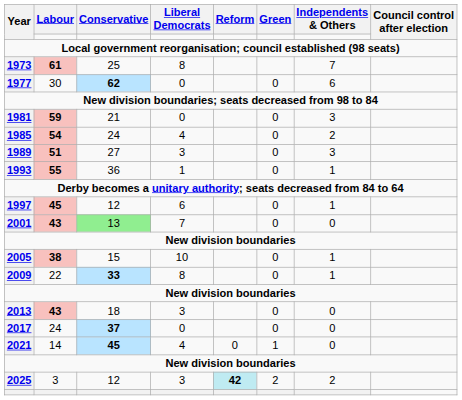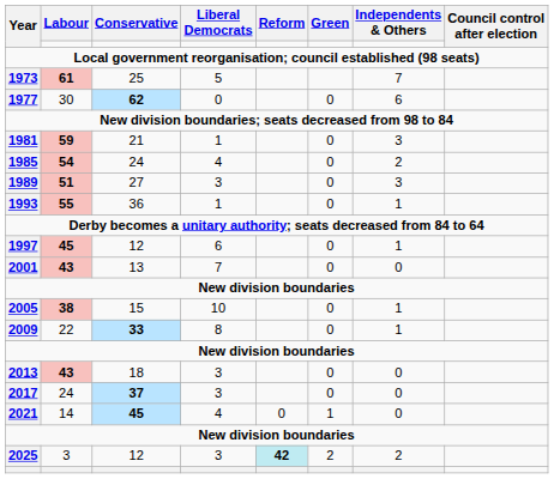 <table class="wikitable plainrowheaders" style="text-align:center">
 <tr>
 <th scope="col" rowspan="2">Year</th>
 <th scope="col"><a href='#'>Labour</a></th>
 <th scope="col"><a href='#'>Conservative</a></th>
 <th scope="col" style="width:1px"><a href='#'>Liberal Democrats</a></th>
 <th scope="col"><a href='#'>Reform</a></th>
 <th scope="col"><a href='#'>Green</a></th>
 <th scope="col"><a href='#'>Independents</a><br>& Others</th>
 <th scope="col" rowspan="2" colspan="2">Council control<br>after election</th>
 </tr>
 <tr>
 <td style="background:"></td>
 <td style="background:"></td>
 <td style="background:"></td>
 <td style="background:"></td>
 <td style="background:"></td>
 <td style="background:"></td>
 </tr>
 <tr>
 <td colspan="9"><strong>Local government reorganisation; council established (98 seats)</strong></td>
 </tr>
 <tr>
 <th scope="row"><a href='#'>1973</a></th>
 <td style="background:#F8C1BE;"><strong>61</strong></td>
 <td>25</td>
-<td>8</td>
+<td>5</td>
 <td></td>
 <td></td>
 <td>7</td>
 <td></td>
 </tr>
 <tr>
 <th scope="row"><a href='#'>1977</a></th>
 <td>30</td>
 <td style="background:#B9E4FF;"><strong>62</strong></td>
 <td>0</td>
 <td></td>
 <td>0</td>
 <td>6</td>
 <td></td>
 </tr>
 <tr>
 <td colspan="9"><strong>New division boundaries; seats decreased from 98 to 84</strong></td>
 </tr>
 <tr>
 <th scope="row"><a href='#'>1981</a></th>
 <td style="background:#F8C1BE;"><strong>59</strong></td>
 <td>21</td>
-<td>0</td>
+<td>1</td>
 <td></td>
 <td>0</td>
 <td>3</td>
 <td></td>
 </tr>
 <tr>
 <th scope="row"><a href='#'>1985</a></th>
 <td style="background:#F8C1BE;"><strong>54</strong></td>
 <td>24</td>
 <td>4</td>
 <td></td>
 <td>0</td>
 <td>2</td>
 <td></td>
 </tr>
 <tr>
 <th scope="row"><a href='#'>1989</a></th>
 <td style="background:#F8C1BE;"><strong>51</strong></td>
 <td>27</td>
 <td>3</td>
 <td></td>
 <td>0</td>
 <td>3</td>
 <td></td>
 </tr>
 <tr>
 <th scope="row"><a href='#'>1993</a></th>
 <td style="background:#F8C1BE;"><strong>55</strong></td>
 <td>36</td>
 <td>1</td>
 <td></td>
 <td>0</td>
 <td>1</td>
 <td></td>
 </tr>
 <tr>
 <td colspan="9"><strong>Derby becomes a <a href='#'>unitary authority</a>; seats decreased from 84 to 64</strong></td>
 </tr>
 <tr>
 <th scope="row"><a href='#'>1997</a></th>
 <td style="background:#F8C1BE;"><strong>45</strong></td>
 <td>12</td>
 <td>6</td>
 <td></td>
 <td>0</td>
 <td>1</td>
 <td></td>
 </tr>
 <tr>
 <th scope="row"><a href='#'>2001</a></th>
 <td style="background:#F8C1BE;"><strong>43</strong></td>
-<td style="background: lightgreen;">13</td>
+<td>13</td>
 <td>7</td>
 <td></td>
 <td>0</td>
 <td>0</td>
 <td></td>
 </tr>
 <tr>
 <td colspan="9"><strong>New division boundaries</strong></td>
 </tr>
 <tr>
 <th scope="row"><a href='#'>2005</a></th>
 <td style="background:#F8C1BE;"><strong>38</strong></td>
 <td>15</td>
 <td>10</td>
 <td></td>
 <td>0</td>
 <td>1</td>
 <td></td>
 </tr>
 <tr>
 <th scope="row"><a href='#'>2009</a></th>
 <td>22</td>
 <td style="background:#B9E4FF;"><strong>33</strong></td>
 <td>8</td>
 <td></td>
 <td>0</td>
 <td>1</td>
 <td></td>
 </tr>
 <tr>
 <td colspan="9"><strong>New division boundaries</strong></td>
 </tr>
 <tr>
 <th scope="row"><a href='#'>2013</a></th>
 <td style="background:#F8C1BE;"><strong>43</strong></td>
 <td>18</td>
 <td>3</td>
 <td></td>
 <td>0</td>
 <td>0</td>
 <td></td>
 </tr>
 <tr>
 <th scope="row"><a href='#'>2017</a></th>
 <td>24</td>
 <td style="background:#B9E4FF;"><strong>37</strong></td>
-<td>0</td>
+<td>3</td>
 <td></td>
 <td>0</td>
 <td>0</td>
 <td></td>
 </tr>
 <tr>
 <th scope="row"><a href='#'>2021</a></th>
 <td>14</td>
 <td style="background:#B9E4FF;"><strong>45</strong></td>
 <td>4</td>
 <td>0</td>
 <td>1</td>
 <td>0</td>
 <td></td>
 </tr>
 <tr>
 <td colspan="9"><strong>New division boundaries</strong></td>
 </tr>
 <tr>
 <th scope="row"><a href='#'>2025</a></th>
 <td>3</td>
 <td>12</td>
 <td>3</td>
 <td style="background:#BFEBF2;"><strong>42</strong></td>
 <td>2</td>
 <td>2</td>
 <td></td>
 </tr>
 <tr>
 <th></th>
 <th style="background-color: "></th>
 <th style="background-color: "></th>
 <th style="background-color: "></th>
 <th style="background-color: "></th>
 <th style="background-color: "></th>
 <th style="background-color: "></th>
 </tr>
 </table>
